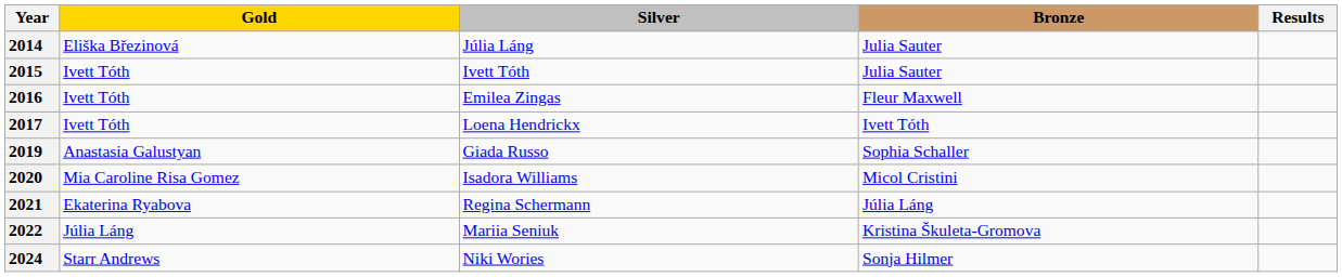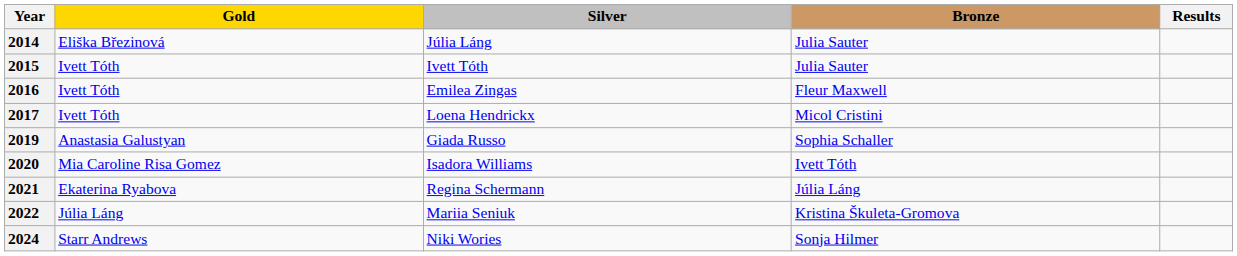 <table class="wikitable unsortable" style="text-align:left; width:80%;">
 <tr>
 <th scope="col" style="text-align:center;">Year</th>
 <td scope="col" style="text-align:center; width:30%; background:gold"><strong>Gold</strong></td>
 <td scope="col" style="text-align:center; width:30%; background:silver"><strong>Silver</strong></td>
 <td scope="col" style="text-align:center; width:30%; background:#c96"><strong>Bronze</strong></td>
 <th scope="col" style="text-align:center;">Results</th>
 </tr>
 <tr>
 <th scope="row" style="text-align:left">2014</th>
 <td> <a href='#'>Eliška Březinová</a></td>
 <td> <a href='#'>Júlia Láng</a></td>
 <td> <a href='#'>Julia Sauter</a></td>
 <td></td>
 </tr>
 <tr>
 <th scope="row" style="text-align:left">2015</th>
 <td> <a href='#'>Ivett Tóth</a></td>
 <td> <a href='#'>Ivett Tóth</a></td>
 <td> <a href='#'>Julia Sauter</a></td>
 <td></td>
 </tr>
 <tr>
 <th scope="row" style="text-align:left">2016</th>
 <td> <a href='#'>Ivett Tóth</a></td>
 <td> <a href='#'>Emilea Zingas</a></td>
 <td> <a href='#'>Fleur Maxwell</a></td>
 <td></td>
 </tr>
 <tr>
 <th scope="row" style="text-align:left">2017</th>
 <td> <a href='#'>Ivett Tóth</a></td>
 <td> <a href='#'>Loena Hendrickx</a></td>
-<td> <a href='#'>Ivett Tóth</a></td>
+<td> <a href='#'>Micol Cristini</a></td>
 <td></td>
 </tr>
 <tr>
 <th scope="row" style="text-align:left">2019</th>
 <td> <a href='#'>Anastasia Galustyan</a></td>
 <td> <a href='#'>Giada Russo</a></td>
 <td> <a href='#'>Sophia Schaller</a></td>
 <td></td>
 </tr>
 <tr>
 <th scope="row" style="text-align:left">2020</th>
 <td> <a href='#'>Mia Caroline Risa Gomez</a></td>
 <td> <a href='#'>Isadora Williams</a></td>
-<td> <a href='#'>Micol Cristini</a></td>
+<td> <a href='#'>Ivett Tóth</a></td>
 <td></td>
 </tr>
 <tr>
 <th scope="row" style="text-align:left">2021</th>
 <td> <a href='#'>Ekaterina Ryabova</a></td>
 <td> <a href='#'>Regina Schermann</a></td>
 <td> <a href='#'>Júlia Láng</a></td>
 <td></td>
 </tr>
 <tr>
 <th scope="row" style="text-align:left">2022</th>
 <td> <a href='#'>Júlia Láng</a></td>
 <td> <a href='#'>Mariia Seniuk</a></td>
 <td> <a href='#'>Kristina Škuleta-Gromova</a></td>
 <td></td>
 </tr>
 <tr>
 <th scope="row" style="text-align:left">2024</th>
 <td> <a href='#'>Starr Andrews</a></td>
 <td> <a href='#'>Niki Wories</a></td>
 <td> <a href='#'>Sonja Hilmer</a></td>
 <td></td>
 </tr>
 </table>
